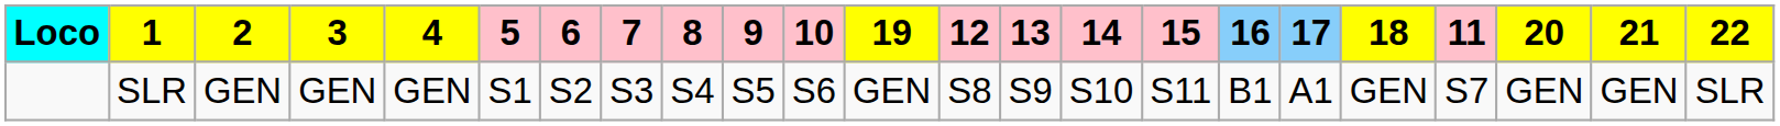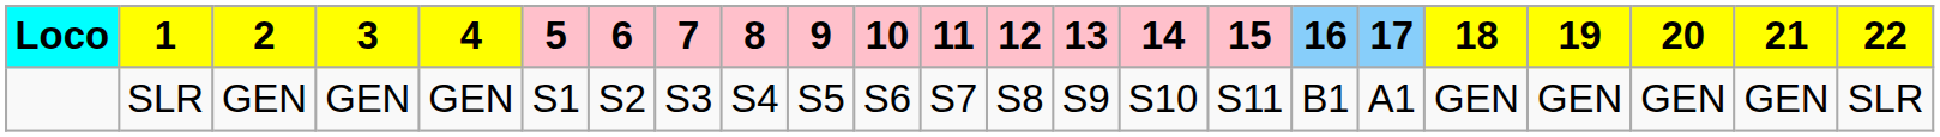 <table class="wikitable plainrowheaders unsortable" style="text-align:center">
 <tr>
 <th scope="col" rowspan="1" style="background:cyan;">Loco</th>
 <th scope="col" rowspan="1" style="background:yellow;">1</th>
 <th scope="col" rowspan="1" style="background:yellow;">2</th>
 <th scope="col" rowspan="1" style="background:yellow;">3</th>
 <th scope="col" rowspan="1" style="background:yellow;">4</th>
 <th scope="col" rowspan="1" style="background:pink;">5</th>
 <th scope="col" rowspan="1" style="background:pink;">6</th>
 <th scope="col" rowspan="1" style="background:pink;">7</th>
 <th scope="col" rowspan="1" style="background:pink;">8</th>
 <th scope="col" rowspan="1" style="background:pink;">9</th>
 <th scope="col" rowspan="1" style="background:pink;">10</th>
-<th scope="col" rowspan="1" style="background:yellow;">19</th>
+<th scope="col" rowspan="1" style="background:pink;">11</th>
 <th scope="col" rowspan="1" style="background:pink;">12</th>
 <th scope="col" rowspan="1" style="background:pink;">13</th>
 <th scope="col" rowspan="1" style="background:pink;">14</th>
 <th scope="col" rowspan="1" style="background:pink;">15</th>
 <th scope="col" rowspan="1" style="background:lightskyblue;">16</th>
 <th scope="col" rowspan="1" style="background:lightskyblue;">17</th>
 <th scope="col" rowspan="1" style="background:yellow;">18</th>
-<th scope="col" rowspan="1" style="background:pink;">11</th>
+<th scope="col" rowspan="1" style="background:yellow;">19</th>
 <th scope="col" rowspan="1" style="background:yellow;">20</th>
 <th scope="col" rowspan="1" style="background:yellow;">21</th>
 <th scope="col" rowspan="1" style="background:yellow;">22</th>
 </tr>
 <tr>
 <td></td>
 <td>SLR</td>
 <td>GEN</td>
 <td>GEN</td>
 <td>GEN</td>
 <td>S1</td>
 <td>S2</td>
 <td>S3</td>
 <td>S4</td>
 <td>S5</td>
 <td>S6</td>
-<td>GEN</td>
+<td>S7</td>
 <td>S8</td>
 <td>S9</td>
 <td>S10</td>
 <td>S11</td>
 <td>B1</td>
 <td>A1</td>
 <td>GEN</td>
-<td>S7</td>
+<td>GEN</td>
 <td>GEN</td>
 <td>GEN</td>
 <td>SLR</td>
 </tr>
 </table>
